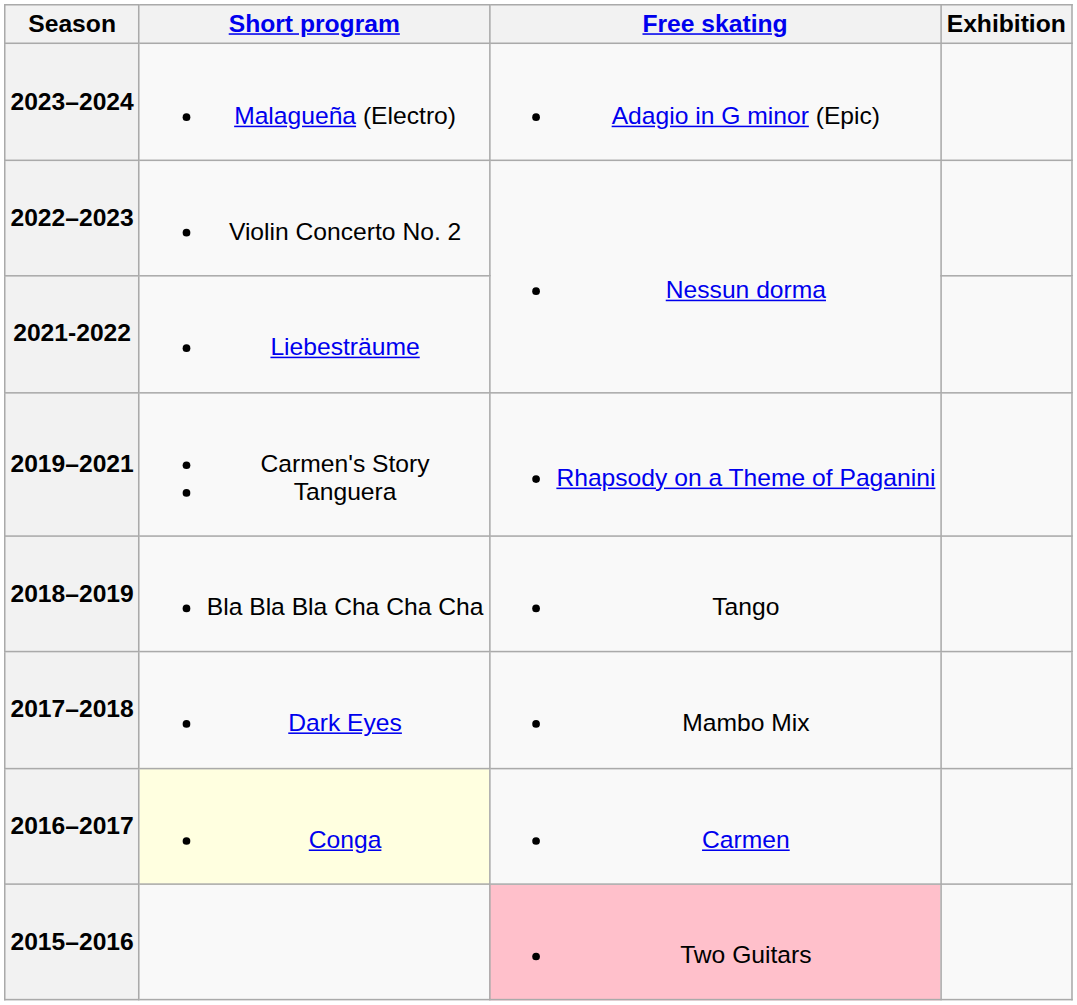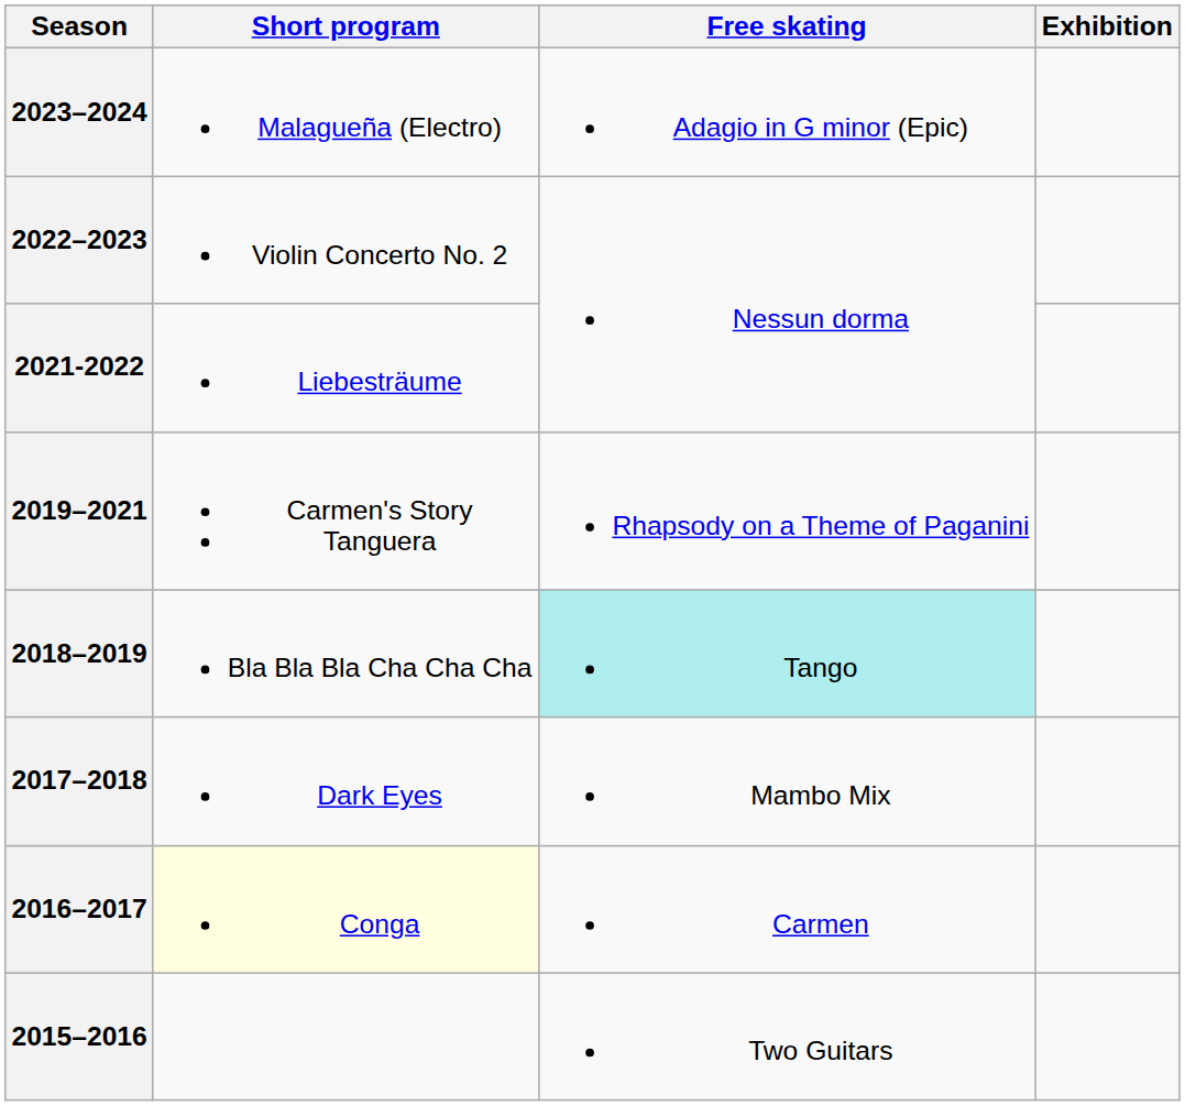 <table class="wikitable" style="text-align:center">
 <tr>
 <th>Season</th>
 <th><a href='#'>Short program</a></th>
 <th><a href='#'>Free skating</a></th>
 <th>Exhibition</th>
 </tr>
 <tr>
 <th>2023–2024<br></th>
 <td><br><ul><li><a href='#'>Malagueña</a> (Electro) <br></li></ul></td>
 <td><br><ul><li><a href='#'>Adagio in G minor</a> (Epic) <br> </li></ul></td>
 <td></td>
 </tr>
 <tr>
 <th>2022–2023<br></th>
 <td><br><ul><li>Violin Concerto No. 2 <br></li></ul></td>
 <td rowspan=2><br><ul><li><a href='#'>Nessun dorma</a> <br> </li></ul></td>
 <td></td>
 </tr>
 <tr>
 <th>2021-2022 <br> </th>
 <td><br><ul><li><a href='#'>Liebesträume</a> <br> </li></ul></td>
 <td></td>
 </tr>
 <tr>
 <th>2019–2021 <br> </th>
 <td><br><ul><li>Carmen's Story  <br></li><li>Tanguera <br></li></ul></td>
 <td><br><ul><li><a href='#'>Rhapsody on a Theme of Paganini</a> <br></li></ul></td>
 <td></td>
 </tr>
 <tr>
 <th>2018–2019 <br></th>
 <td><br><ul><li>Bla Bla Bla Cha Cha Cha <br></li></ul></td>
-<td><br><ul><li>Tango <br></li></ul></td>
+<td style="background: paleturquoise;"><br><ul><li>Tango <br></li></ul></td>
 <td></td>
 </tr>
 <tr>
 <th>2017–2018 <br></th>
 <td><br><ul><li><a href='#'>Dark Eyes</a> <br></li></ul></td>
 <td><br><ul><li>Mambo Mix <br></li></ul></td>
 <td></td>
 </tr>
 <tr>
 <th>2016–2017</th>
 <td style="background: lightyellow;"><br><ul><li><a href='#'>Conga</a> <br></li></ul></td>
 <td><br><ul><li><a href='#'>Carmen</a> <br></li></ul></td>
 <td></td>
 </tr>
 <tr>
 <th>2015–2016</th>
 <td></td>
-<td style="background: pink;"><br><ul><li>Two Guitars <br></li></ul></td>
+<td><br><ul><li>Two Guitars <br></li></ul></td>
 <td></td>
 </tr>
 </table>
